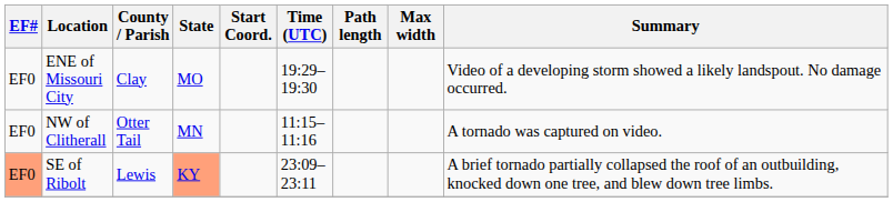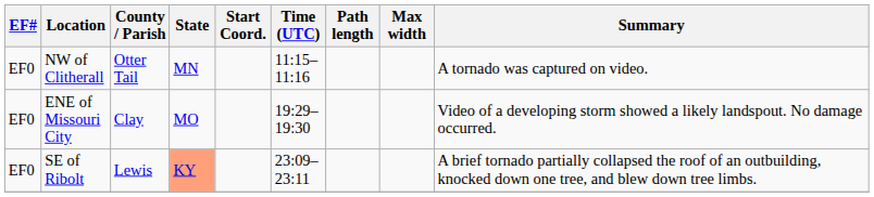 <table class="wikitable sortable" style="width:100%;">
 <tr>
 <th scope="col"  style="width:3%; text-align:center;"><a href='#'>EF#</a></th>
 <th scope="col"  style="width:7%; text-align:center;" class="unsortable">Location</th>
 <th scope="col"  style="width:6%; text-align:center;" class="unsortable">County / Parish</th>
 <th scope="col"  style="width:5%; text-align:center;">State</th>
 <th scope="col"  style="width:6%; text-align:center;">Start Coord.</th>
 <th scope="col"  style="width:6%; text-align:center;">Time (<a href='#'>UTC</a>)</th>
 <th scope="col"  style="width:6%; text-align:center;">Path length</th>
 <th scope="col"  style="width:6%; text-align:center;">Max width</th>
 <th scope="col" class="unsortable" style="width:48%; text-align:center;">Summary</th>
 </tr>
 <tr>
 <td>EF0</td>
+<td>NW of <a href='#'>Clitherall</a></td>
+<td><a href='#'>Otter Tail</a></td>
+<td><a href='#'>MN</a></td>
+<td></td>
+<td>11:15–11:16</td>
+<td></td>
+<td></td>
+<td>A tornado was captured on video.</td>
+</tr>
+<tr>
+<td>EF0</td>
 <td>ENE of <a href='#'>Missouri City</a></td>
 <td><a href='#'>Clay</a></td>
 <td><a href='#'>MO</a></td>
 <td></td>
 <td>19:29–19:30</td>
 <td></td>
 <td></td>
 <td>Video of a developing storm showed a likely landspout. No damage occurred.</td>
 </tr>
 <tr>
 <td>EF0</td>
-<td>NW of <a href='#'>Clitherall</a></td>
-<td><a href='#'>Otter Tail</a></td>
-<td><a href='#'>MN</a></td>
-<td></td>
-<td>11:15–11:16</td>
-<td></td>
-<td></td>
-<td>A tornado was captured on video.</td>
-</tr>
-<tr>
-<td style="background: lightsalmon;">EF0</td>
 <td>SE of <a href='#'>Ribolt</a></td>
 <td><a href='#'>Lewis</a></td>
 <td style="background: lightsalmon;"><a href='#'>KY</a></td>
 <td></td>
 <td>23:09–23:11</td>
 <td></td>
 <td></td>
 <td>A brief tornado partially collapsed the roof of an outbuilding, knocked down one tree, and blew down tree limbs.</td>
 </tr>
 <tr>
 </tr>
 </table>
